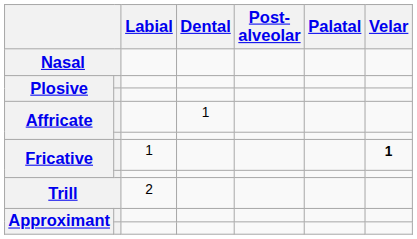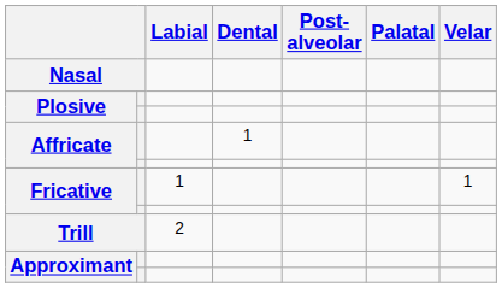 <table class="wikitable" style=text-align:center>
 <tr>
 <th colspan=2></th>
 <th><a href='#'>Labial</a></th>
 <th><a href='#'>Dental</a></th>
 <th><a href='#'>Post-<br>alveolar</a></th>
 <th><a href='#'>Palatal</a></th>
 <th><a href='#'>Velar</a></th>
 </tr>
 <tr>
 <th colspan=2><a href='#'>Nasal</a></th>
 <td></td>
 <td></td>
 <td></td>
 <td></td>
 <td></td>
 </tr>
 <tr>
 <th rowspan=2><a href='#'>Plosive</a></th>
 <th></th>
 <td></td>
 <td></td>
 <td></td>
 <td></td>
 <td></td>
 </tr>
 <tr>
 <th></th>
 <td></td>
 <td></td>
 <td></td>
 <td></td>
 <td></td>
 </tr>
 <tr>
 <th rowspan=2><a href='#'>Affricate</a></th>
 <th></th>
 <td></td>
 <td><sup>1</sup></td>
 <td></td>
 <td></td>
 <td></td>
 </tr>
 <tr>
 <th></th>
 <td></td>
 <td></td>
 <td></td>
 <td></td>
 <td></td>
 </tr>
 <tr>
 <th rowspan=2><a href='#'>Fricative</a></th>
 <th></th>
 <td><sup>1</sup></td>
 <td></td>
 <td></td>
 <td></td>
-<td><strong><sup>1</sup></strong></td>
+<td><sup>1</sup></td>
 </tr>
 <tr>
 <th></th>
 <td></td>
 <td></td>
 <td></td>
 <td></td>
 <td></td>
 </tr>
 <tr>
 <th colspan=2><a href='#'>Trill</a></th>
 <td><sup>2</sup></td>
 <td></td>
 <td></td>
 <td></td>
 <td></td>
 </tr>
 <tr>
 <th rowspan=2><a href='#'>Approximant</a></th>
 <th></th>
 <td></td>
 <td></td>
 <td></td>
 <td></td>
 <td></td>
 </tr>
 <tr>
 <th></th>
 <td></td>
 <td></td>
 <td></td>
 <td></td>
 <td></td>
 </tr>
 </table>
